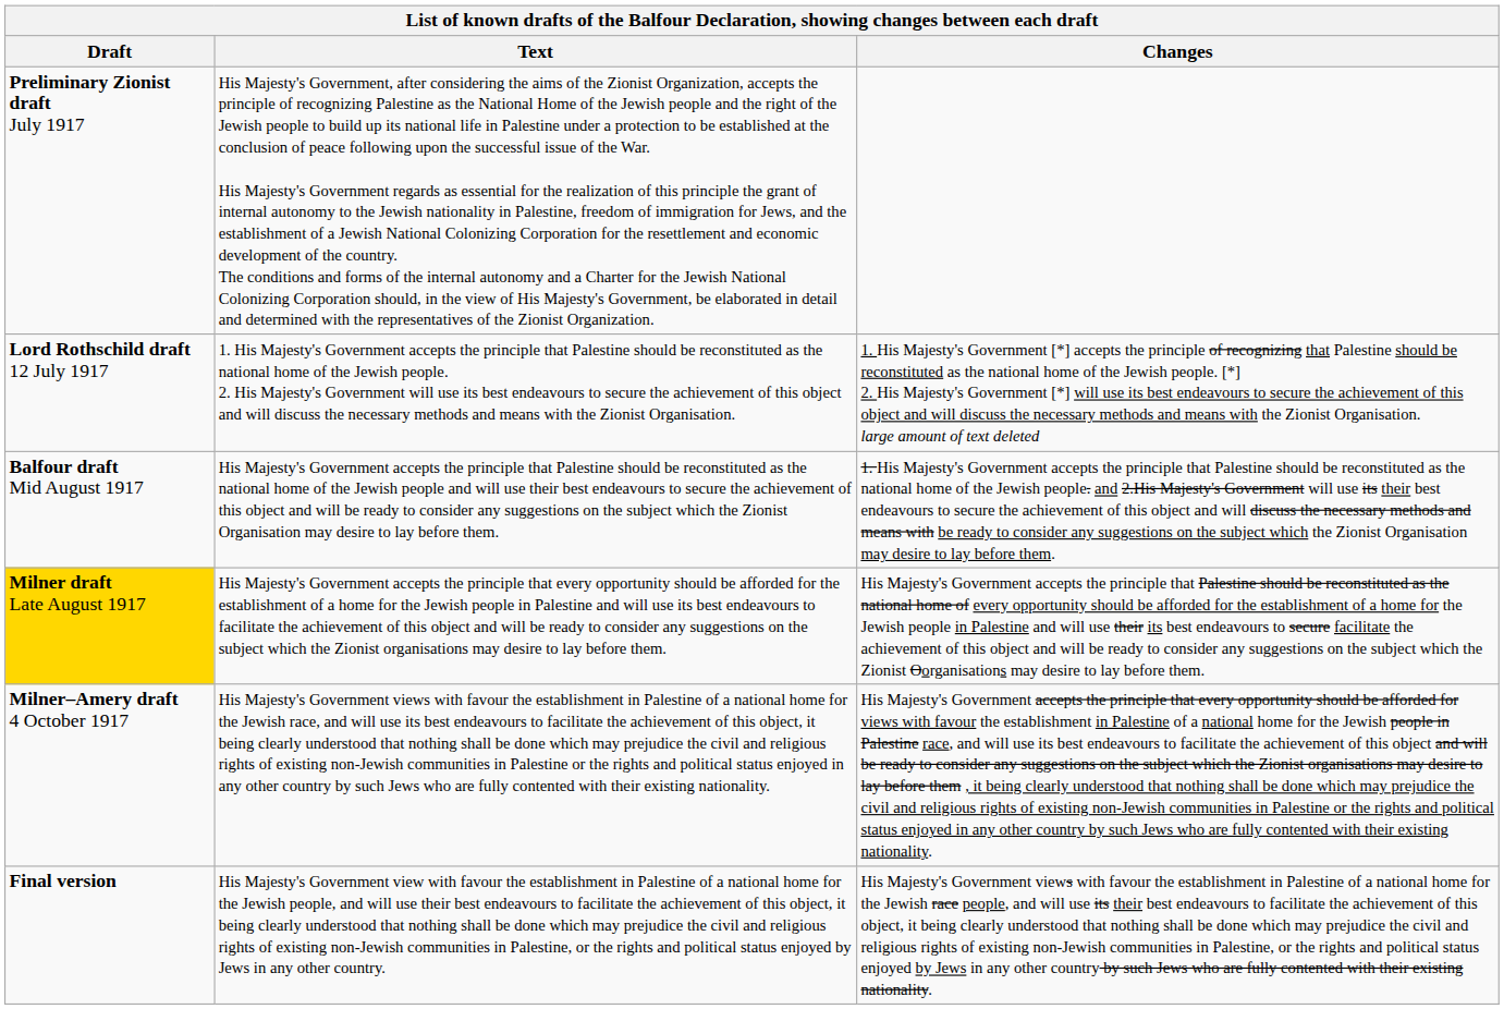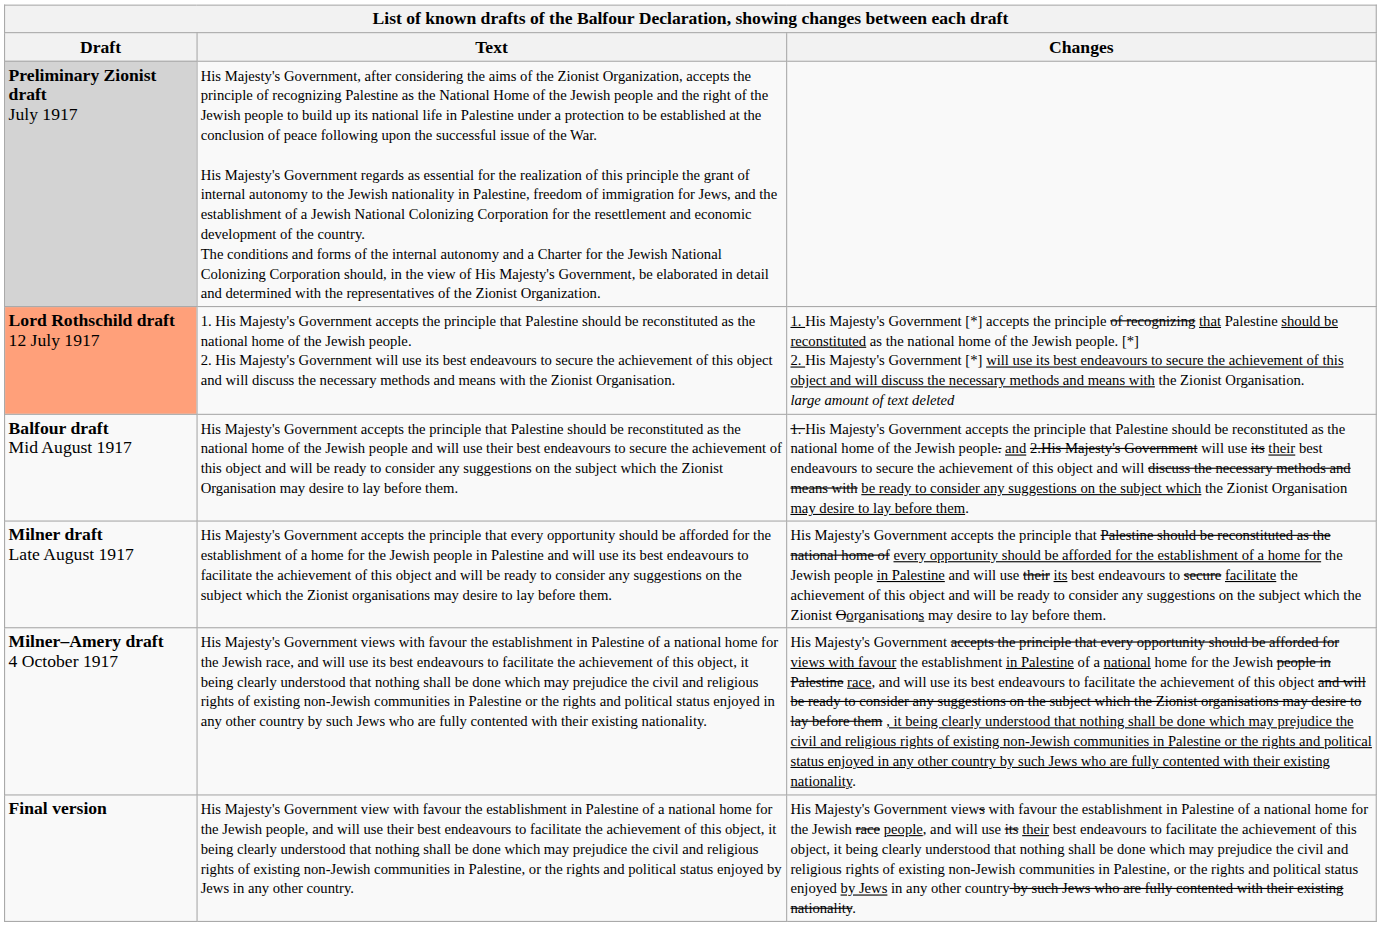 <table class="wikitable mw-collapsible mw-collapsed"  style="text-align:left; float:right;">
 <tr>
 <th colspan="3">List of known drafts of the Balfour Declaration, showing changes between each draft</th>
 </tr>
 <tr>
 <th scope="col" style="width: 14%;">Draft</th>
 <th scope="col" style="width: 43%;">Text</th>
 <th scope="col" style="width: 43%;">Changes</th>
 </tr>
 <tr style="vertical-align: top;">
-<td><strong>Preliminary Zionist draft</strong><br>July 1917</td>
+<td style="background: lightgrey;"><strong>Preliminary Zionist draft</strong><br>July 1917</td>
 <td><small>His Majesty's Government, after considering the aims of the Zionist Organization, accepts the principle of recognizing Palestine as the National Home of the Jewish people and the right of the Jewish people to build up its national life in Palestine under a protection to be established at the conclusion of peace following upon the successful issue of the War.</small><br><br><small>His Majesty's Government regards as essential for the realization of this principle the grant of internal autonomy to the Jewish nationality in Palestine, freedom of immigration for Jews, and the establishment of a Jewish National Colonizing Corporation for the resettlement and economic development of the country.</small><br> <small>The conditions and forms of the internal autonomy and a Charter for the Jewish National Colonizing Corporation should, in the view of His Majesty's Government, be elaborated in detail and determined with the representatives of the Zionist Organization.</small></td>
 <td></td>
 </tr>
 <tr style="vertical-align: top;">
-<td><strong>Lord Rothschild draft</strong><br>12 July 1917</td>
+<td style="background: lightsalmon;"><strong>Lord Rothschild draft</strong><br>12 July 1917</td>
 <td><small>1. His Majesty's Government accepts the principle that Palestine should be reconstituted as the national home of the Jewish people.<br>2. His Majesty's Government will use its best endeavours to secure the achievement of this object and will discuss the necessary methods and means with the Zionist Organisation.</small></td>
 <td><small><ins>1. </ins>His Majesty's Government [*] accepts the principle <del>of recognizing</del> <ins>that</ins> Palestine <ins>should be reconstituted</ins> as the national home of the Jewish people. [*]<br><ins>2. </ins>His Majesty's Government [*] <ins>will use its best endeavours to secure the achievement of this object and will discuss the necessary methods and means with</ins> the Zionist Organisation.<br> <em>large amount of text deleted</em></small></td>
 </tr>
 <tr style="vertical-align: top;">
 <td><strong>Balfour draft</strong><br>Mid August 1917</td>
 <td><small>His Majesty's Government accepts the principle that Palestine should be reconstituted as the national home of the Jewish people and will use their best endeavours to secure the achievement of this object and will be ready to consider any suggestions on the subject which the Zionist Organisation may desire to lay before them.</small></td>
 <td><small><del>1. </del>His Majesty's Government accepts the principle that Palestine should be reconstituted as the national home of the Jewish people<del>.</del> <ins>and</ins> <del>2.His Majesty's Government</del> will use <del>its</del> <ins>their</ins> best endeavours to secure the achievement of this object and will <del>discuss the necessary methods and means with</del> <ins>be ready to consider any suggestions on the subject which</ins> the Zionist Organisation <ins>may desire to lay before them</ins>.</small></td>
 </tr>
 <tr style="vertical-align: top;">
-<td style="background: gold;"><strong>Milner draft</strong><br>Late August 1917</td>
+<td><strong>Milner draft</strong><br>Late August 1917</td>
 <td><small>His Majesty's Government accepts the principle that every opportunity should be afforded for the establishment of a home for the Jewish people in Palestine and will use its best endeavours to facilitate the achievement of this object and will be ready to consider any suggestions on the subject which the Zionist organisations may desire to lay before them.</small></td>
 <td><small>His Majesty's Government accepts the principle that <del>Palestine should be reconstituted as the national home of</del> <ins>every opportunity should be afforded for the establishment of a home for</ins> the Jewish people <ins>in Palestine</ins> and will use <del>their</del> <ins>its</ins> best endeavours to <del>secure</del> <ins>facilitate</ins> the achievement of this object and will be ready to consider any suggestions on the subject which the Zionist <del>O</del><ins>o</ins>rganisation<ins>s</ins> may desire to lay before them.</small></td>
 </tr>
 <tr style="vertical-align: top;">
 <td><strong>Milner–Amery draft</strong><br>4 October 1917</td>
 <td><small>His Majesty's Government views with favour the establishment in Palestine of a national home for the Jewish race, and will use its best endeavours to facilitate the achievement of this object, it being clearly understood that nothing shall be done which may prejudice the civil and religious rights of existing non-Jewish communities in Palestine or the rights and political status enjoyed in any other country by such Jews who are fully contented with their existing nationality.</small></td>
 <td><small>His Majesty's Government <del>accepts the principle that every opportunity should be afforded for</del> <ins>views with favour</ins> the establishment <ins>in Palestine</ins> of a <ins>national</ins> home for the Jewish <del>people in Palestine</del> <ins>race</ins>, and will use its best endeavours to facilitate the achievement of this object <del>and will be ready to consider any suggestions on the subject which the Zionist organisations may desire to lay before them</del> <ins>, it being clearly understood that nothing shall be done which may prejudice the civil and religious rights of existing non-Jewish communities in Palestine or the rights and political status enjoyed in any other country by such Jews who are fully contented with their existing nationality</ins>.</small></td>
 </tr>
 <tr style="vertical-align: top;">
 <td><strong>Final version</strong></td>
 <td><small>His Majesty's Government view with favour the establishment in Palestine of a national home for the Jewish people, and will use their best endeavours to facilitate the achievement of this object, it being clearly understood that nothing shall be done which may prejudice the civil and religious rights of existing non-Jewish communities in Palestine, or the rights and political status enjoyed by Jews in any other country.</small></td>
 <td><small>His Majesty's Government view<del>s</del> with favour the establishment in Palestine of a national home for the Jewish <del>race</del> <ins>people</ins>, and will use <del>its</del> <ins>their</ins> best endeavours to facilitate the achievement of this object, it being clearly understood that nothing shall be done which may prejudice the civil and religious rights of existing non-Jewish communities in Palestine, or the rights and political status enjoyed <ins>by Jews</ins> in any other country<del> by such Jews who are fully contented with their existing nationality</del>.</small></td>
 </tr>
 </table>
